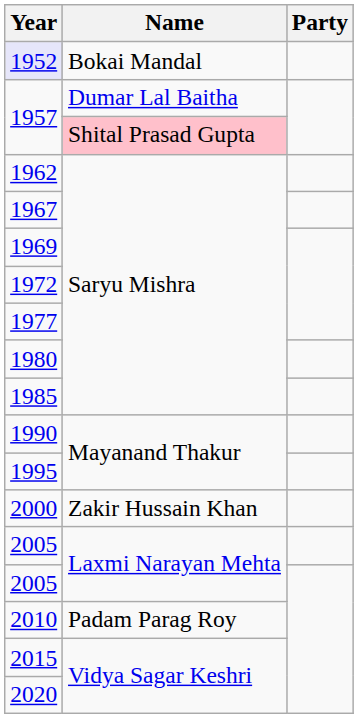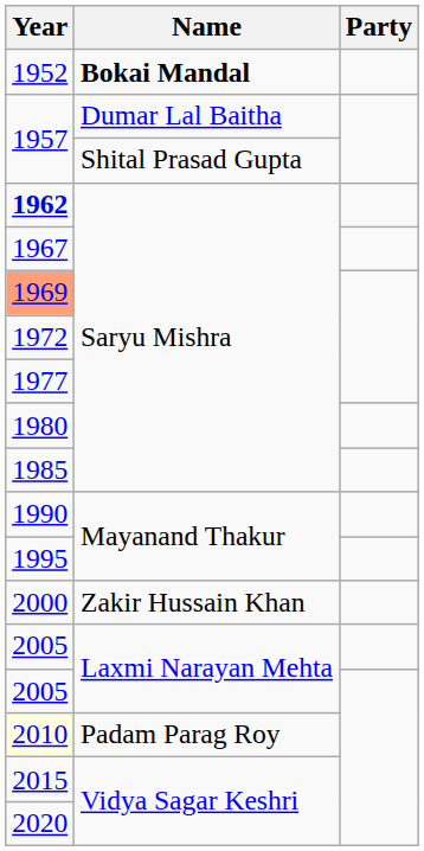 <table class="wikitable sortable">
 <tr>
 <th>Year</th>
 <th>Name</th>
 <th colspan="2">Party</th>
 </tr>
 <tr>
-<td style="background: lavender;"><a href='#'>1952</a></td>
-<td>Bokai Mandal</td>
+<td><a href='#'>1952</a></td>
+<td><strong>Bokai Mandal</strong></td>
 <td></td>
 </tr>
 <tr>
 <td rowspan="2"><a href='#'>1957</a></td>
 <td><a href='#'>Dumar Lal Baitha</a></td>
 </tr>
 <tr>
-<td style="background: pink;">Shital Prasad Gupta</td>
+<td>Shital Prasad Gupta</td>
 </tr>
 <tr>
-<td><a href='#'>1962</a></td>
+<td><strong><a href='#'>1962</a></strong></td>
 <td rowspan="7">Saryu Mishra</td>
 <td></td>
 </tr>
 <tr>
 <td><a href='#'>1967</a></td>
 <td></td>
 </tr>
 <tr>
-<td><a href='#'>1969</a></td>
+<td style="background: lightsalmon;"><a href='#'>1969</a></td>
 </tr>
 <tr>
 <td><a href='#'>1972</a></td>
 </tr>
 <tr>
 <td><a href='#'>1977</a></td>
 </tr>
 <tr>
 <td><a href='#'>1980</a></td>
 <td></td>
 </tr>
 <tr>
 <td><a href='#'>1985</a></td>
 <td></td>
 </tr>
 <tr>
 <td><a href='#'>1990</a></td>
 <td rowspan="2">Mayanand Thakur</td>
 <td></td>
 </tr>
 <tr>
 <td><a href='#'>1995</a></td>
 </tr>
 <tr>
 <td><a href='#'>2000</a></td>
 <td>Zakir Hussain Khan</td>
 <td></td>
 </tr>
 <tr>
 <td><a href='#'>2005</a></td>
 <td rowspan="2"><a href='#'>Laxmi Narayan Mehta</a></td>
 <td></td>
 </tr>
 <tr>
 <td><a href='#'>2005</a></td>
 </tr>
 <tr>
-<td><a href='#'>2010</a></td>
+<td style="background: lightyellow;"><a href='#'>2010</a></td>
 <td>Padam Parag Roy</td>
 </tr>
 <tr>
 <td><a href='#'>2015</a></td>
 <td rowspan="2"><a href='#'>Vidya Sagar Keshri</a></td>
 </tr>
 <tr>
 <td><a href='#'>2020</a></td>
 </tr>
 </table>
